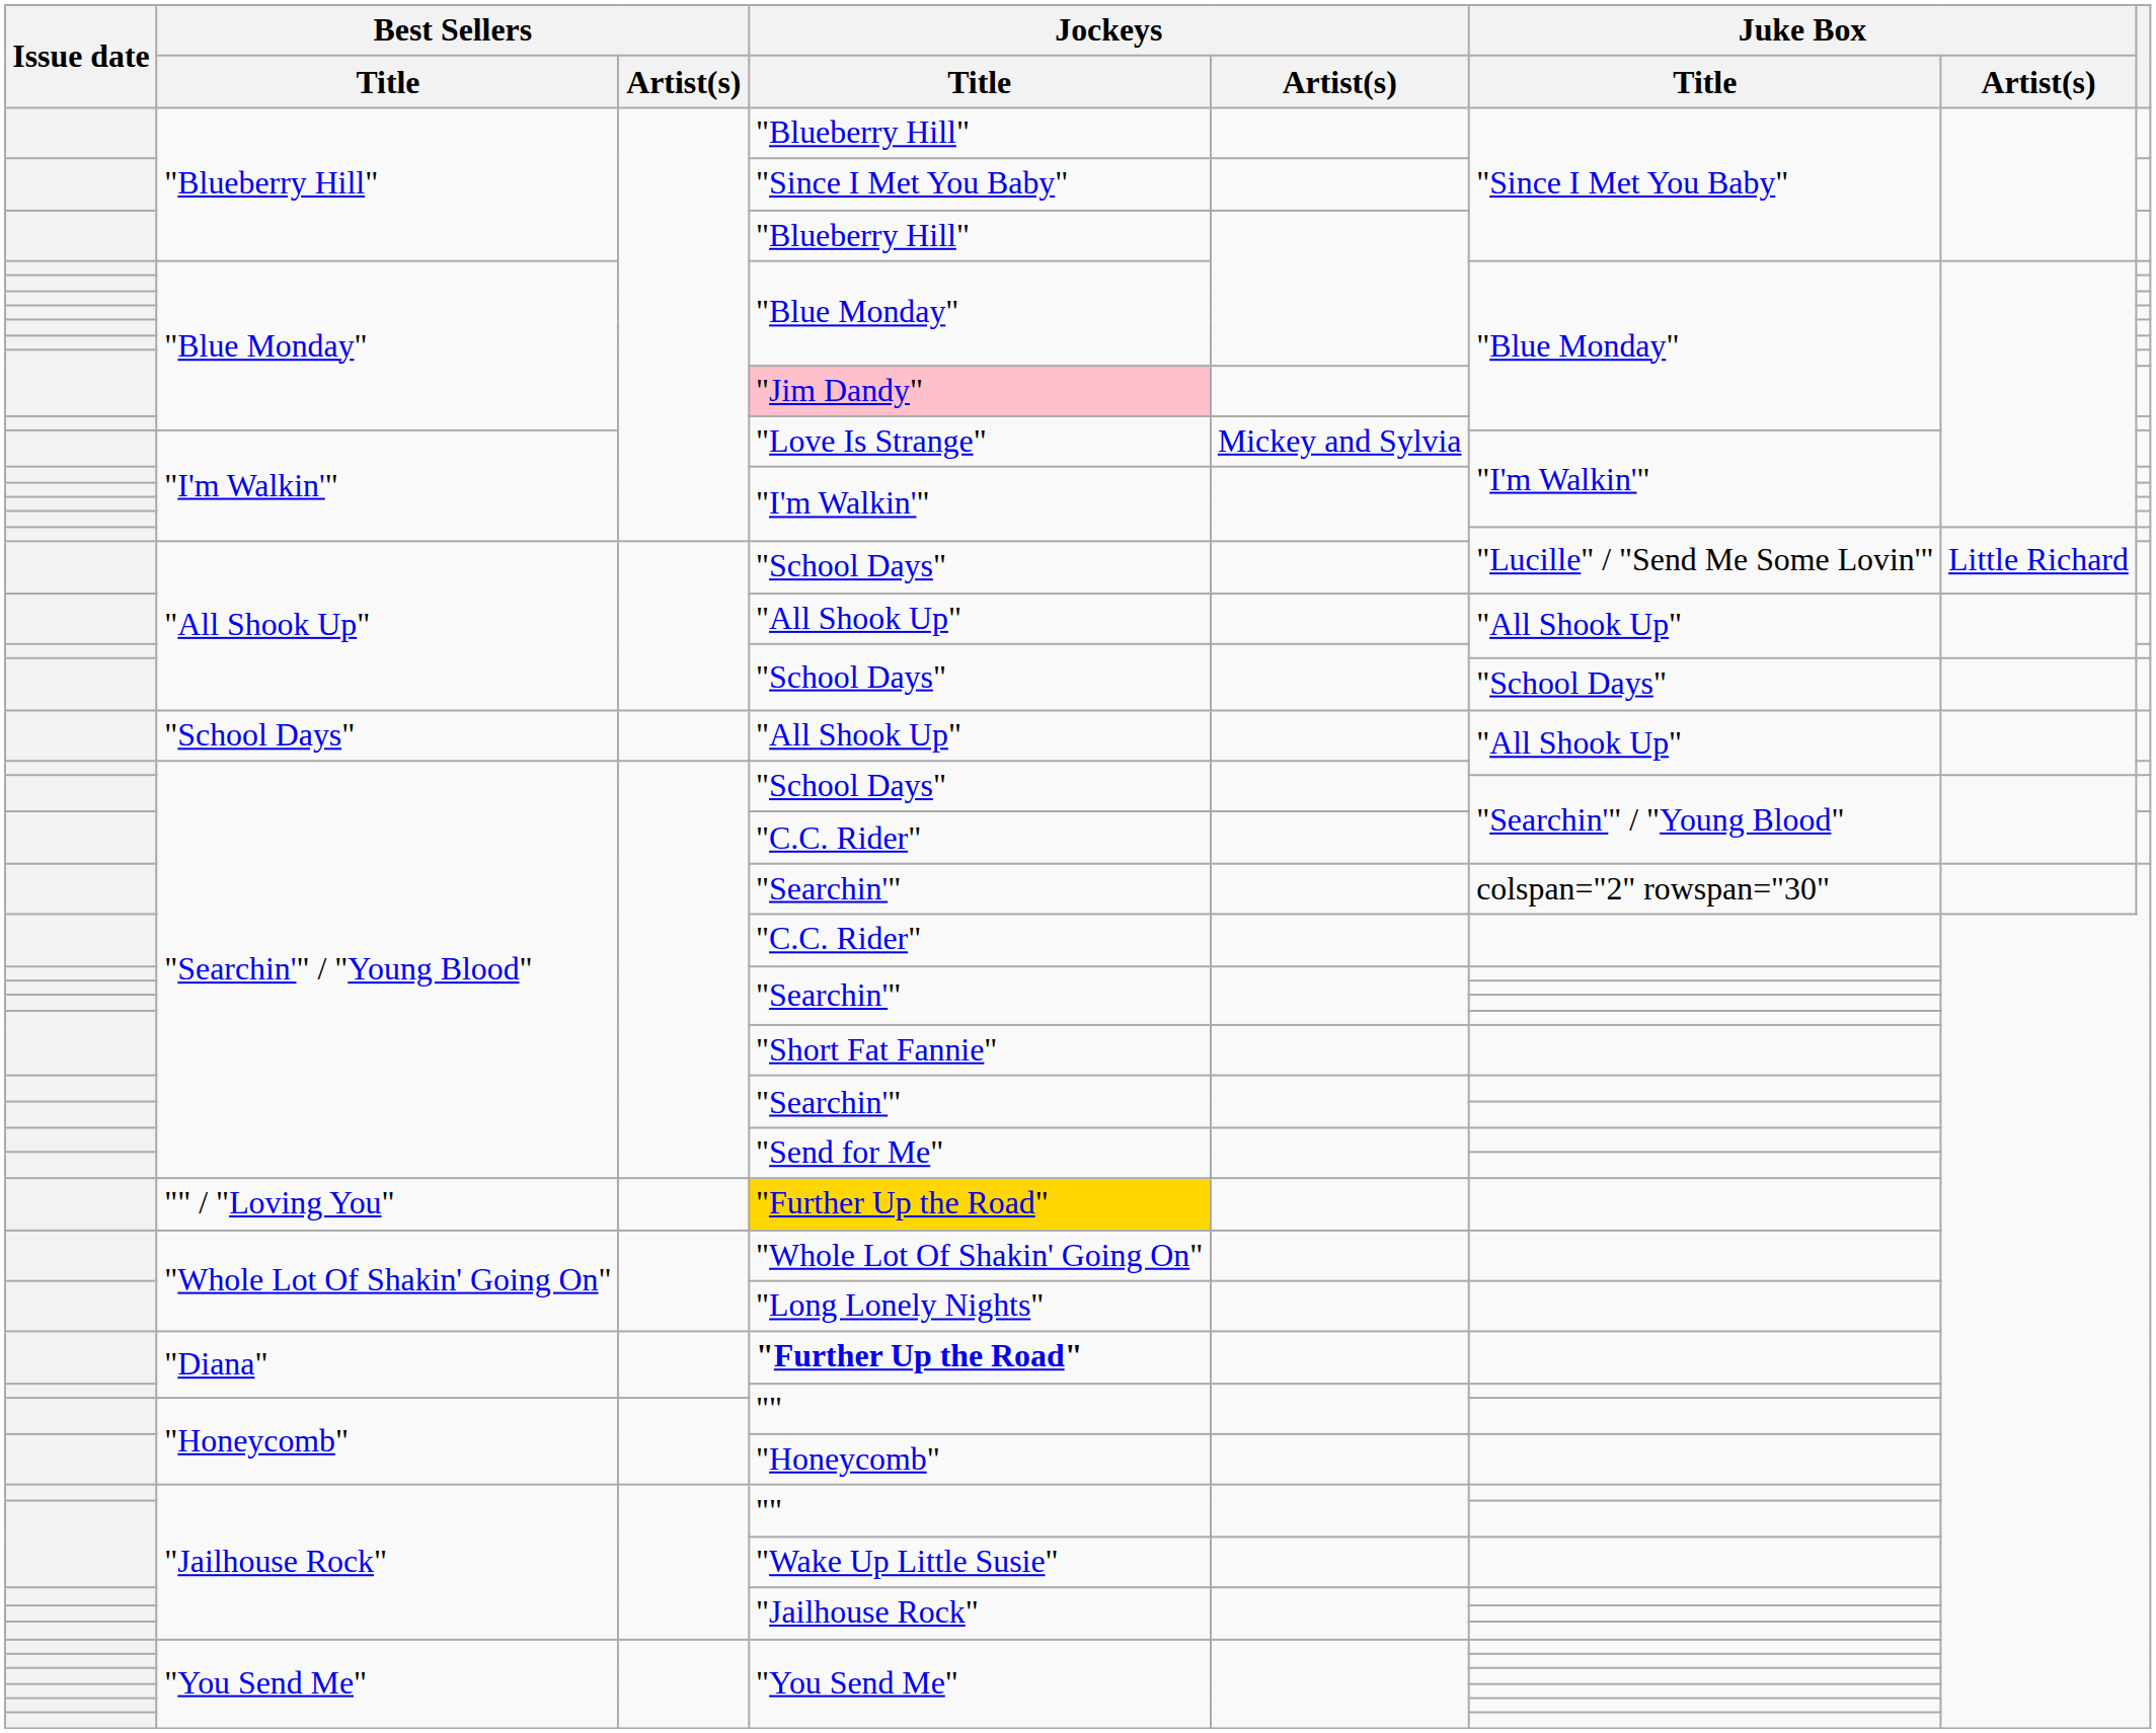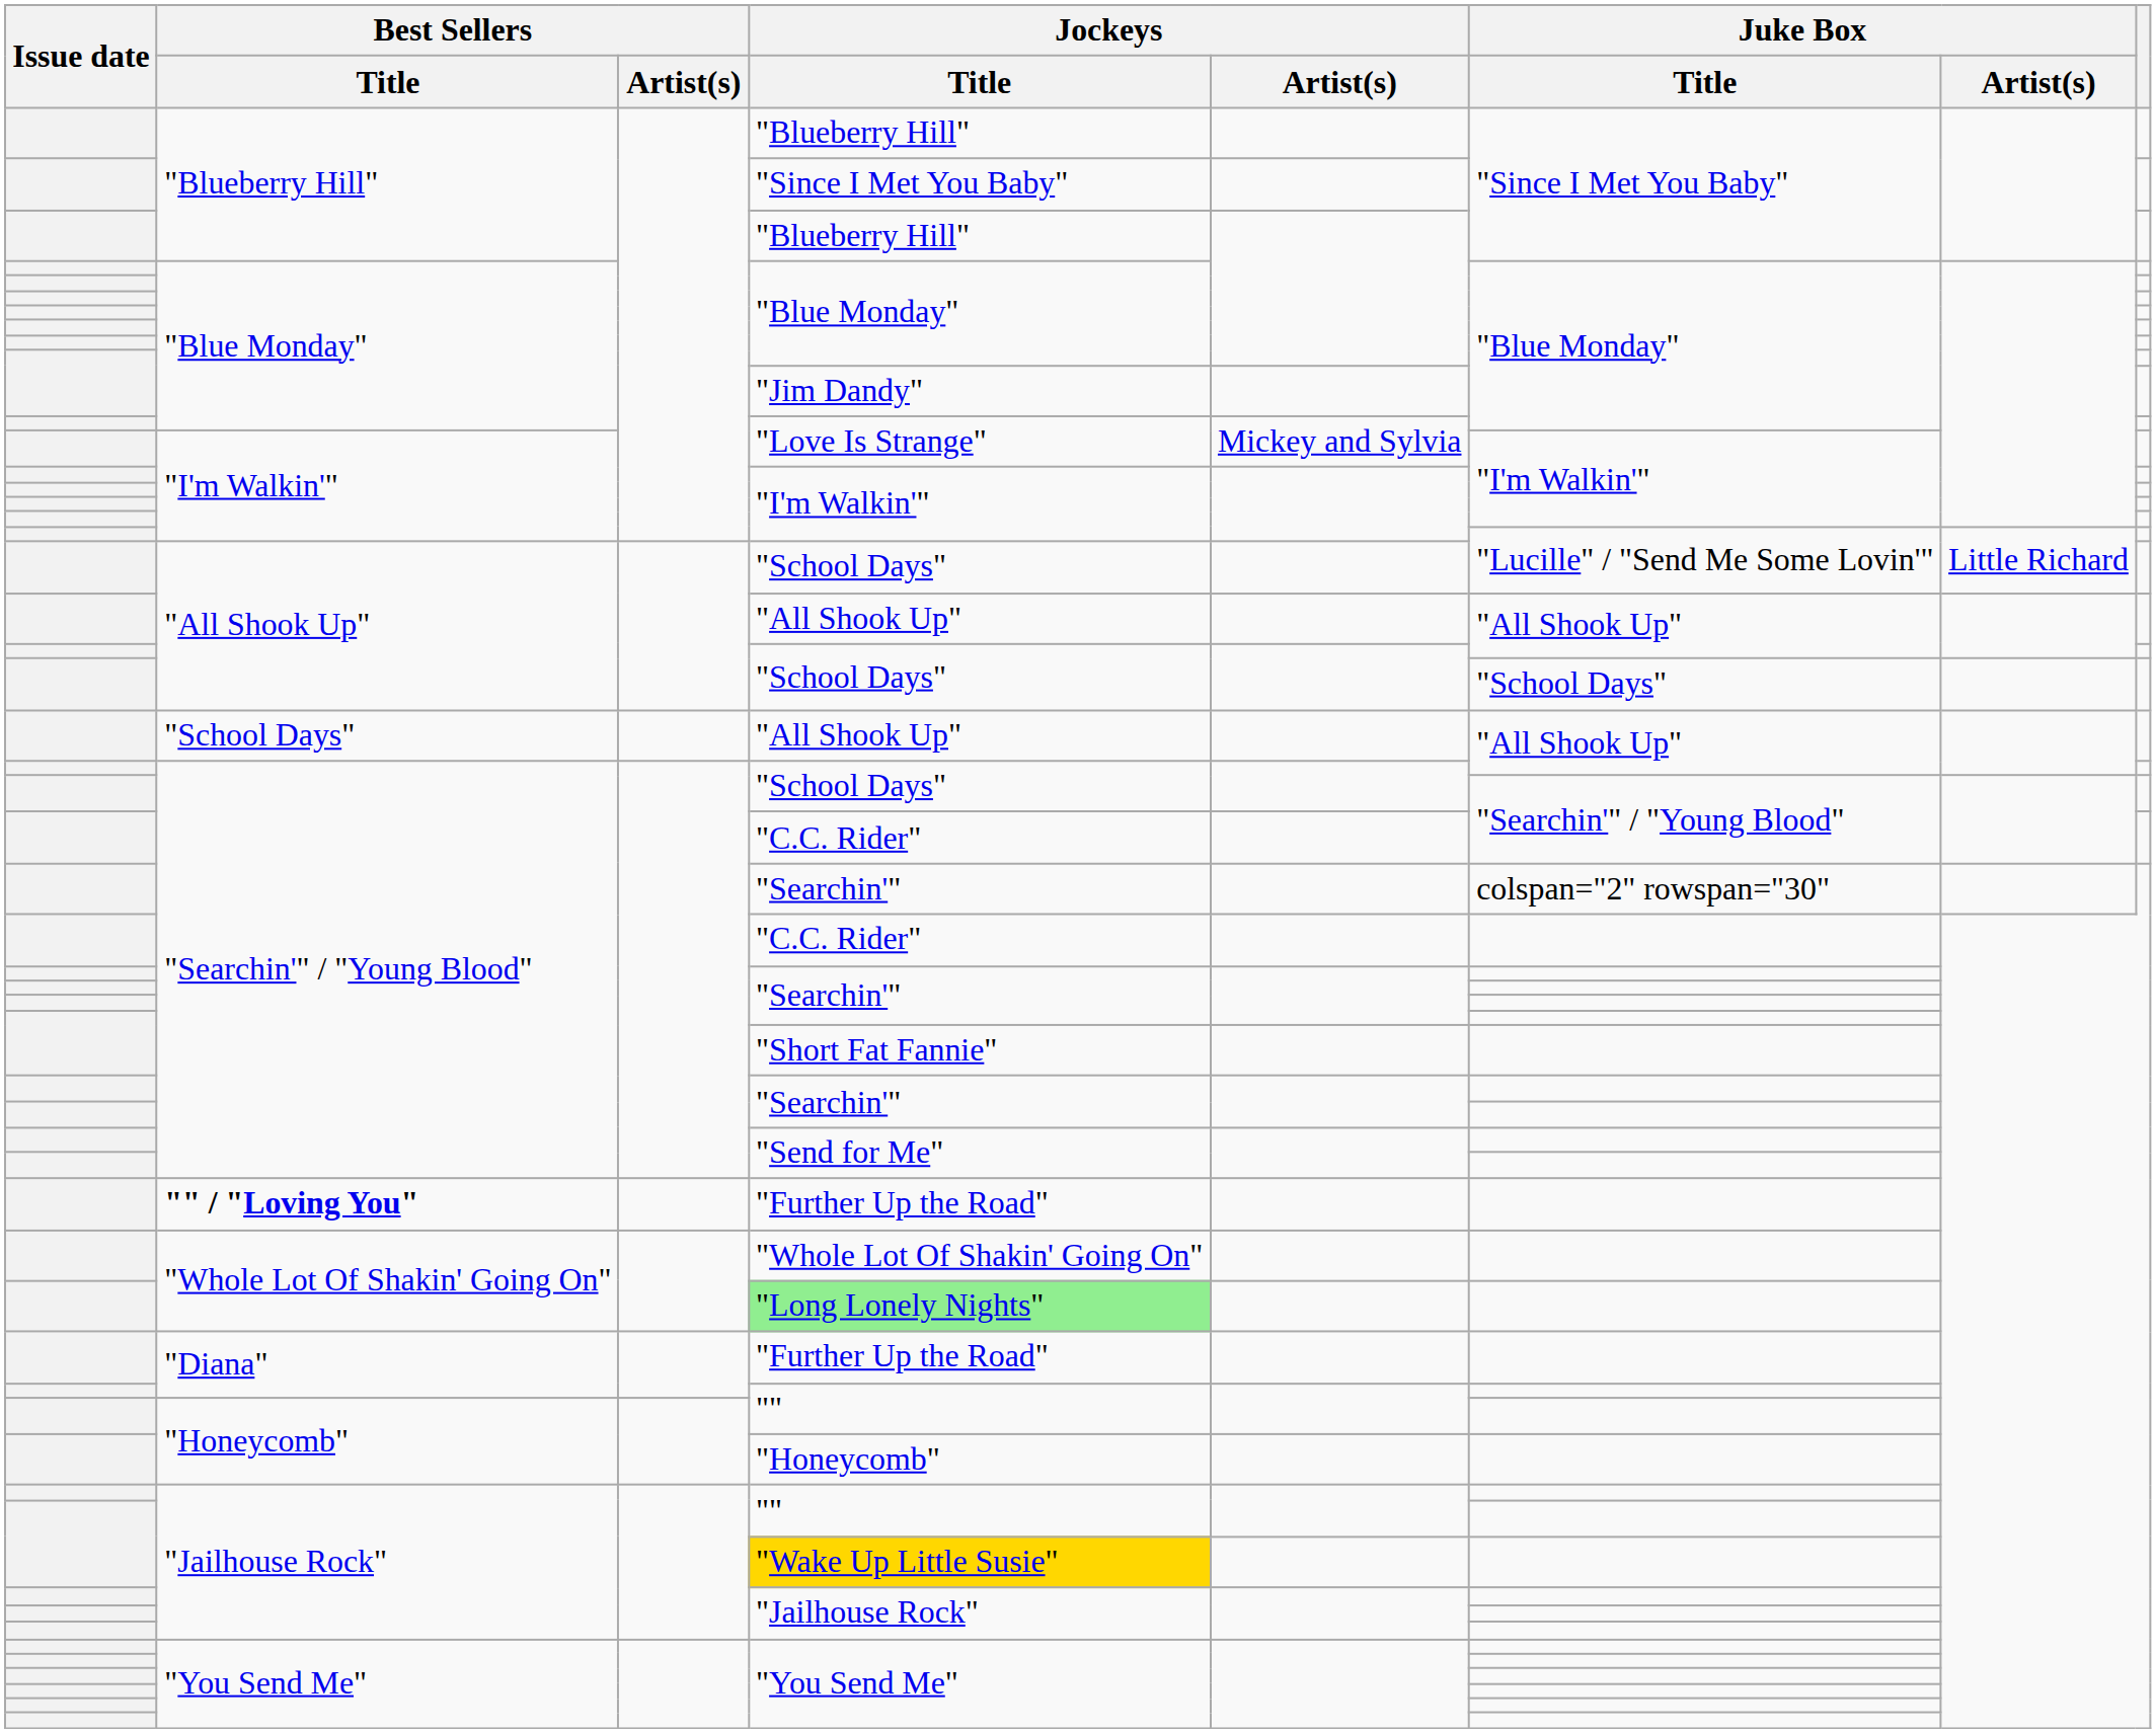 <table class="wikitable sortable plainrowheaders">
 <tr>
 <th scope=col rowspan=2>Issue date</th>
 <th scope=colgroup colspan=2>Best Sellers</th>
 <th scope=colgroup colspan=2>Jockeys</th>
 <th scope=colgroup colspan=2>Juke Box</th>
 <th scope=col rowspan=2 class=unsortable></th>
 </tr>
 <tr>
 <th scope=col>Title</th>
 <th scope=col>Artist(s)</th>
 <th scope=col>Title</th>
 <th scope=col>Artist(s)</th>
 <th scope=col>Title</th>
 <th scope=col>Artist(s)</th>
 </tr>
 <tr>
 <th scope=row></th>
 <td rowspan=3>"<a href='#'>Blueberry Hill</a>"</td>
 <td rowspan=18></td>
 <td>"<a href='#'>Blueberry Hill</a>"</td>
 <td></td>
 <td rowspan=3>"<a href='#'>Since I Met You Baby</a>"</td>
 <td rowspan=3></td>
 <td align=center></td>
 </tr>
 <tr>
 <th scope=row></th>
 <td>"<a href='#'>Since I Met You Baby</a>"</td>
 <td></td>
 <td align=center></td>
 </tr>
 <tr>
 <th scope=row></th>
 <td>"<a href='#'>Blueberry Hill</a>"</td>
 <td rowspan=8></td>
 <td align=center></td>
 </tr>
 <tr>
 <th scope=row></th>
 <td rowspan=9>"<a href='#'>Blue Monday</a>"</td>
 <td rowspan=7>"<a href='#'>Blue Monday</a>"</td>
 <td rowspan=9>"<a href='#'>Blue Monday</a>"</td>
 <td rowspan=14></td>
 <td align=center></td>
 </tr>
 <tr>
 <th scope=row></th>
 <td align=center></td>
 </tr>
 <tr>
 <th scope=row></th>
 <td align=center></td>
 </tr>
 <tr>
 <th scope=row></th>
 <td align=center></td>
 </tr>
 <tr>
 <th scope=row></th>
 <td align=center></td>
 </tr>
 <tr>
 <th scope=row></th>
 <td align=center></td>
 </tr>
 <tr>
 <th scope=row rowspan=2></th>
 <td align=center></td>
 </tr>
 <tr>
-<td style="background: pink;">"<a href='#'>Jim Dandy</a>"</td>
+<td>"<a href='#'>Jim Dandy</a>"</td>
 <td></td>
 <td align=center></td>
 </tr>
 <tr>
 <th scope=row></th>
 <td rowspan=2>"<a href='#'>Love Is Strange</a>"</td>
 <td rowspan=2><a href='#'>Mickey and Sylvia</a></td>
 <td align=center></td>
 </tr>
 <tr>
 <th scope=row></th>
 <td rowspan=6>"<a href='#'>I'm Walkin'</a>"</td>
 <td rowspan=5>"<a href='#'>I'm Walkin'</a>"</td>
 <td align=center></td>
 </tr>
 <tr>
 <th scope=row></th>
 <td rowspan=5>"<a href='#'>I'm Walkin'</a>"</td>
 <td rowspan=5></td>
 <td align=center></td>
 </tr>
 <tr>
 <th scope=row></th>
 <td align=center></td>
 </tr>
 <tr>
 <th scope=row></th>
 <td align=center></td>
 </tr>
 <tr>
 <th scope=row></th>
 <td align=center></td>
 </tr>
 <tr>
 <th scope=row></th>
 <td rowspan=2>"<a href='#'>Lucille</a>" / "Send Me Some Lovin'"</td>
 <td rowspan=2><a href='#'>Little Richard</a></td>
 <td align=center></td>
 </tr>
 <tr>
 <th scope=row></th>
 <td rowspan=4>"<a href='#'>All Shook Up</a>"</td>
 <td rowspan=4></td>
 <td>"<a href='#'>School Days</a>"</td>
 <td></td>
 <td align=center></td>
 </tr>
 <tr>
 <th scope=row></th>
 <td>"<a href='#'>All Shook Up</a>"</td>
 <td></td>
 <td rowspan=2>"<a href='#'>All Shook Up</a>"</td>
 <td rowspan=2></td>
 <td align=center></td>
 </tr>
 <tr>
 <th scope=row></th>
 <td rowspan=2>"<a href='#'>School Days</a>"</td>
 <td rowspan=2></td>
 <td align=center></td>
 </tr>
 <tr>
 <th scope=row></th>
 <td>"<a href='#'>School Days</a>"</td>
 <td></td>
 <td align=center></td>
 </tr>
 <tr>
 <th scope=row></th>
 <td>"<a href='#'>School Days</a>"</td>
 <td></td>
 <td>"<a href='#'>All Shook Up</a>"</td>
 <td></td>
 <td rowspan=2>"<a href='#'>All Shook Up</a>"</td>
 <td rowspan=2></td>
 <td align=center></td>
 </tr>
 <tr>
 <th scope=row></th>
 <td rowspan=14>"<a href='#'>Searchin'</a>" / "<a href='#'>Young Blood</a>"</td>
 <td rowspan=14></td>
 <td rowspan=2>"<a href='#'>School Days</a>"</td>
 <td rowspan=2></td>
 <td align=center></td>
 </tr>
 <tr>
 <th scope=row></th>
 <td rowspan=2>"<a href='#'>Searchin'</a>" / "<a href='#'>Young Blood</a>"</td>
 <td rowspan=2></td>
 <td align=center></td>
 </tr>
 <tr>
 <th scope=row></th>
 <td>"<a href='#'>C.C. Rider</a>"</td>
 <td></td>
 <td align=center></td>
 </tr>
 <tr>
 <th scope=row></th>
 <td>"<a href='#'>Searchin'</a>"</td>
 <td></td>
 <td>colspan="2" rowspan="30" </td>
 <td align=center></td>
 </tr>
 <tr>
 <th scope=row></th>
 <td>"<a href='#'>C.C. Rider</a>"</td>
 <td></td>
 <td align=center></td>
 </tr>
 <tr>
 <th scope=row></th>
 <td rowspan=4>"<a href='#'>Searchin'</a>"</td>
 <td rowspan=4></td>
 <td align=center></td>
 </tr>
 <tr>
 <th scope=row></th>
 <td align=center></td>
 </tr>
 <tr>
 <th scope=row></th>
 <td align=center></td>
 </tr>
 <tr>
 <th scope=row rowspan=2></th>
 <td align=center></td>
 </tr>
 <tr>
 <td>"<a href='#'>Short Fat Fannie</a>"</td>
 <td></td>
 <td align=center></td>
 </tr>
 <tr>
 <th scope=row></th>
 <td rowspan=2>"<a href='#'>Searchin'</a>"</td>
 <td rowspan=2></td>
 <td align=center></td>
 </tr>
 <tr>
 <th scope=row></th>
 <td align=center></td>
 </tr>
 <tr>
 <th scope=row></th>
 <td rowspan=2>"<a href='#'>Send for Me</a>"</td>
 <td rowspan=2></td>
 <td align=center></td>
 </tr>
 <tr>
 <th scope=row></th>
 <td align=center></td>
 </tr>
 <tr>
 <th scope=row></th>
-<td>"" / "<a href='#'>Loving You</a>"</td>
+<td><strong>"" / "<a href='#'>Loving You</a>"</strong></td>
 <td></td>
-<td style="background: gold;">"<a href='#'>Further Up the Road</a>"</td>
+<td>"<a href='#'>Further Up the Road</a>"</td>
 <td></td>
 <td align=center></td>
 </tr>
 <tr>
 <th scope=row></th>
 <td rowspan=2>"<a href='#'>Whole Lot Of Shakin' Going On</a>"</td>
 <td rowspan=2></td>
 <td>"<a href='#'>Whole Lot Of Shakin' Going On</a>"</td>
 <td></td>
 <td align=center></td>
 </tr>
 <tr>
 <th scope=row></th>
-<td>"<a href='#'>Long Lonely Nights</a>"</td>
+<td style="background: lightgreen;">"<a href='#'>Long Lonely Nights</a>"</td>
 <td></td>
 <td align=center></td>
 </tr>
 <tr>
 <th scope=row></th>
 <td rowspan=2>"<a href='#'>Diana</a>"</td>
 <td rowspan=2></td>
-<td><strong>"<a href='#'>Further Up the Road</a>"</strong></td>
+<td>"<a href='#'>Further Up the Road</a>"</td>
 <td></td>
 <td align=center></td>
 </tr>
 <tr>
 <th scope=row></th>
 <td rowspan=2>""</td>
 <td rowspan=2></td>
 <td align=center></td>
 </tr>
 <tr>
 <th scope=row></th>
 <td rowspan=2>"<a href='#'>Honeycomb</a>"</td>
 <td rowspan=2></td>
 <td align=center></td>
 </tr>
 <tr>
 <th scope=row></th>
 <td>"<a href='#'>Honeycomb</a>"</td>
 <td></td>
 <td align=center></td>
 </tr>
 <tr>
 <th scope=row></th>
 <td rowspan=6>"<a href='#'>Jailhouse Rock</a>"</td>
 <td rowspan=6></td>
 <td rowspan=2>""</td>
 <td rowspan=2></td>
 <td align=center></td>
 </tr>
 <tr>
 <th scope=row rowspan=2></th>
 <td align=center></td>
 </tr>
 <tr>
-<td>"<a href='#'>Wake Up Little Susie</a>"</td>
+<td style="background: gold;">"<a href='#'>Wake Up Little Susie</a>"</td>
 <td></td>
 <td align=center></td>
 </tr>
 <tr>
 <th scope=row></th>
 <td rowspan=3>"<a href='#'>Jailhouse Rock</a>"</td>
 <td rowspan=3></td>
 <td align=center></td>
 </tr>
 <tr>
 <th scope=row></th>
 <td align=center></td>
 </tr>
 <tr>
 <th scope=row></th>
 <td align=center></td>
 </tr>
 <tr>
 <th scope=row></th>
 <td rowspan=6>"<a href='#'>You Send Me</a>"</td>
 <td rowspan=6></td>
 <td rowspan=6>"<a href='#'>You Send Me</a>"</td>
 <td rowspan=6></td>
 <td align=center></td>
 </tr>
 <tr>
 <th scope=row></th>
 <td align=center></td>
 </tr>
 <tr>
 <th scope=row></th>
 <td align=center></td>
 </tr>
 <tr>
 <th scope=row></th>
 <td align=center></td>
 </tr>
 <tr>
 <th scope=row></th>
 <td align=center></td>
 </tr>
 <tr>
 <th scope=row></th>
 <td align=center></td>
 </tr>
 </table>
